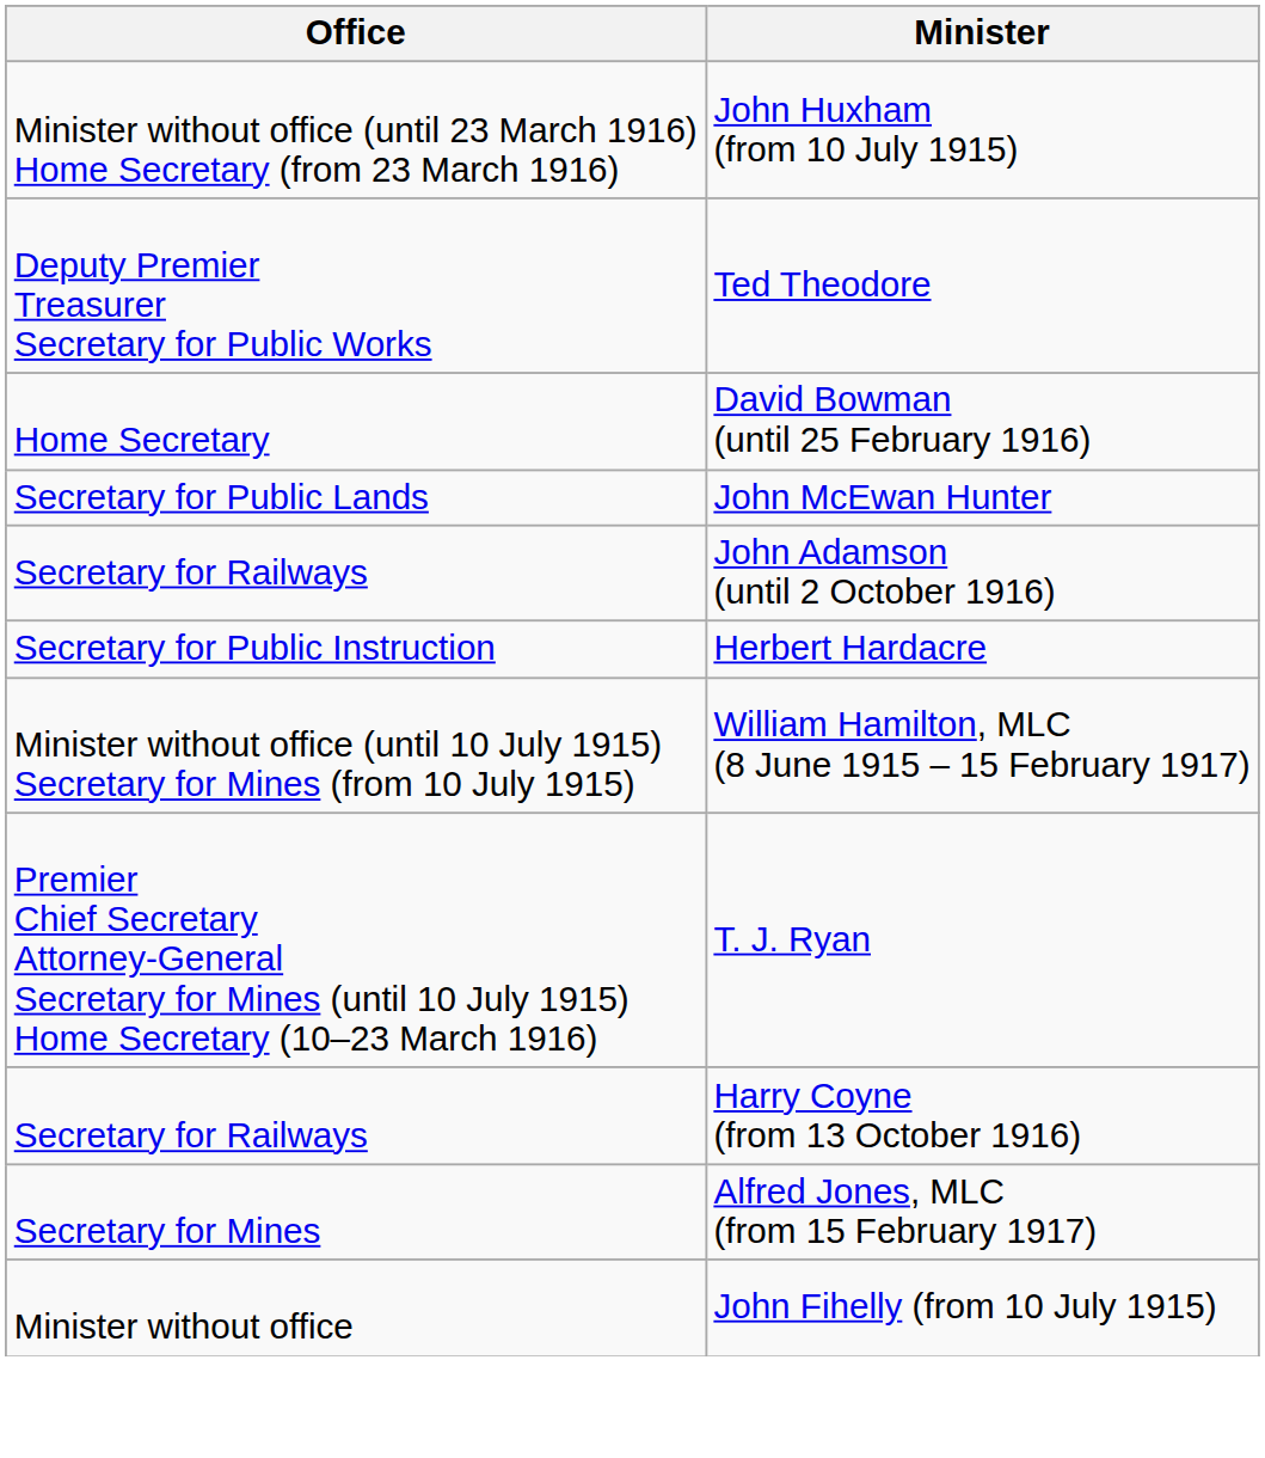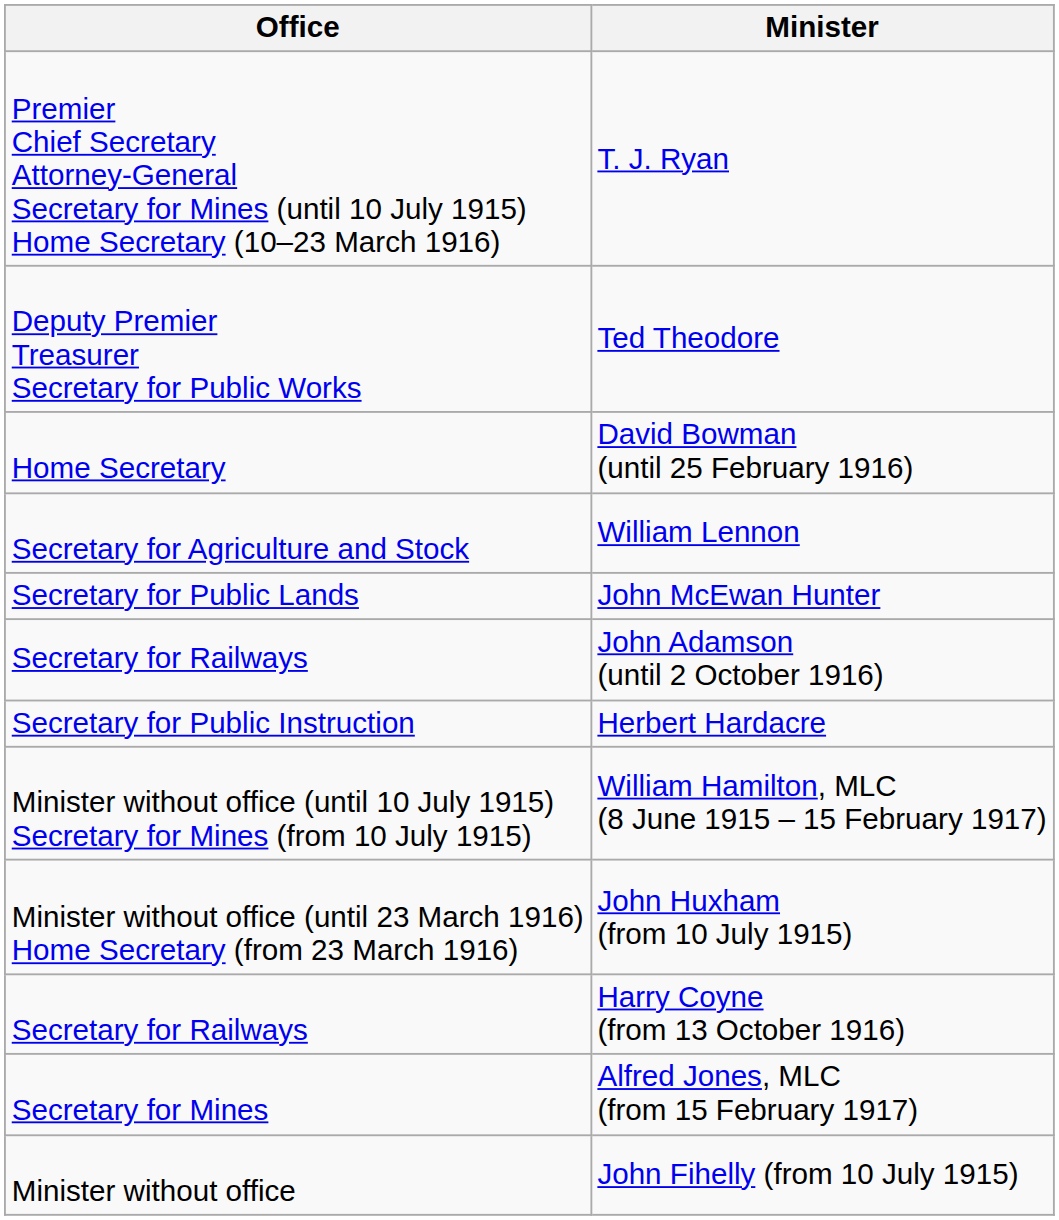 <table class="wikitable">
 <tr>
 <th>Office</th>
 <th>Minister</th>
 </tr>
 <tr>
-<td><br>Minister without office (until 23 March 1916)<br> <a href='#'>Home Secretary</a> (from 23 March 1916)<br></td>
-<td><a href='#'>John Huxham</a><br>(from 10 July 1915)</td>
+<td><br><a href='#'>Premier</a><br> <a href='#'>Chief Secretary</a><br> <a href='#'>Attorney-General</a><br> <a href='#'>Secretary for Mines</a> (until 10 July 1915)<br> <a href='#'>Home Secretary</a> (10–23 March 1916)</td>
+<td><a href='#'>T. J. Ryan</a></td>
 </tr>
 <tr>
 <td><br><a href='#'>Deputy Premier</a><br> <a href='#'>Treasurer</a><br> <a href='#'>Secretary for Public Works</a></td>
 <td><a href='#'>Ted Theodore</a></td>
 </tr>
 <tr>
 <td><br><a href='#'>Home Secretary</a><br></td>
 <td><a href='#'>David Bowman</a><br>(until 25 February 1916)</td>
+</tr>
+<tr>
+<td><br><a href='#'>Secretary for Agriculture and Stock</a><br></td>
+<td><a href='#'>William Lennon</a></td>
 </tr>
 <tr>
 <td><a href='#'>Secretary for Public Lands</a></td>
 <td><a href='#'>John McEwan Hunter</a></td>
 </tr>
 <tr>
 <td><a href='#'>Secretary for Railways</a></td>
 <td><a href='#'>John Adamson</a><br>(until 2 October 1916)</td>
 </tr>
 <tr>
 <td><a href='#'>Secretary for Public Instruction</a><br></td>
 <td><a href='#'>Herbert Hardacre</a></td>
 </tr>
 <tr>
 <td><br>Minister without office (until 10 July 1915)<br> <a href='#'>Secretary for Mines</a> (from 10 July 1915)</td>
 <td><a href='#'>William Hamilton</a>, MLC<br>(8 June 1915 – 15 February 1917)</td>
 </tr>
 <tr>
-<td><br><a href='#'>Premier</a><br> <a href='#'>Chief Secretary</a><br> <a href='#'>Attorney-General</a><br> <a href='#'>Secretary for Mines</a> (until 10 July 1915)<br> <a href='#'>Home Secretary</a> (10–23 March 1916)</td>
-<td><a href='#'>T. J. Ryan</a></td>
+<td><br>Minister without office (until 23 March 1916)<br> <a href='#'>Home Secretary</a> (from 23 March 1916)<br></td>
+<td><a href='#'>John Huxham</a><br>(from 10 July 1915)</td>
 </tr>
 <tr>
 <td><br><a href='#'>Secretary for Railways</a><br></td>
 <td><a href='#'>Harry Coyne</a><br>(from 13 October 1916)</td>
 </tr>
 <tr>
 <td><br><a href='#'>Secretary for Mines</a></td>
 <td><a href='#'>Alfred Jones</a>, MLC<br>(from 15 February 1917)</td>
 </tr>
 <tr>
 <td><br>Minister without office<br></td>
 <td><a href='#'>John Fihelly</a> (from 10 July 1915)<br></td>
 </tr>
 </table>
